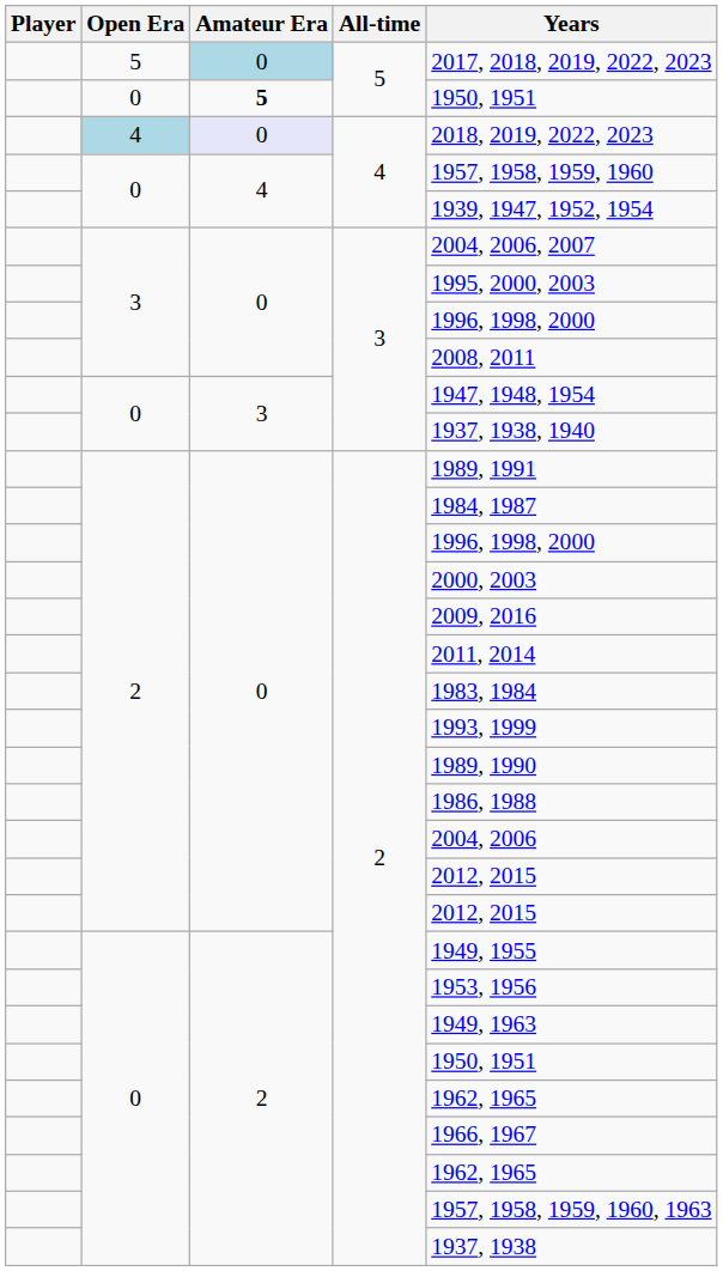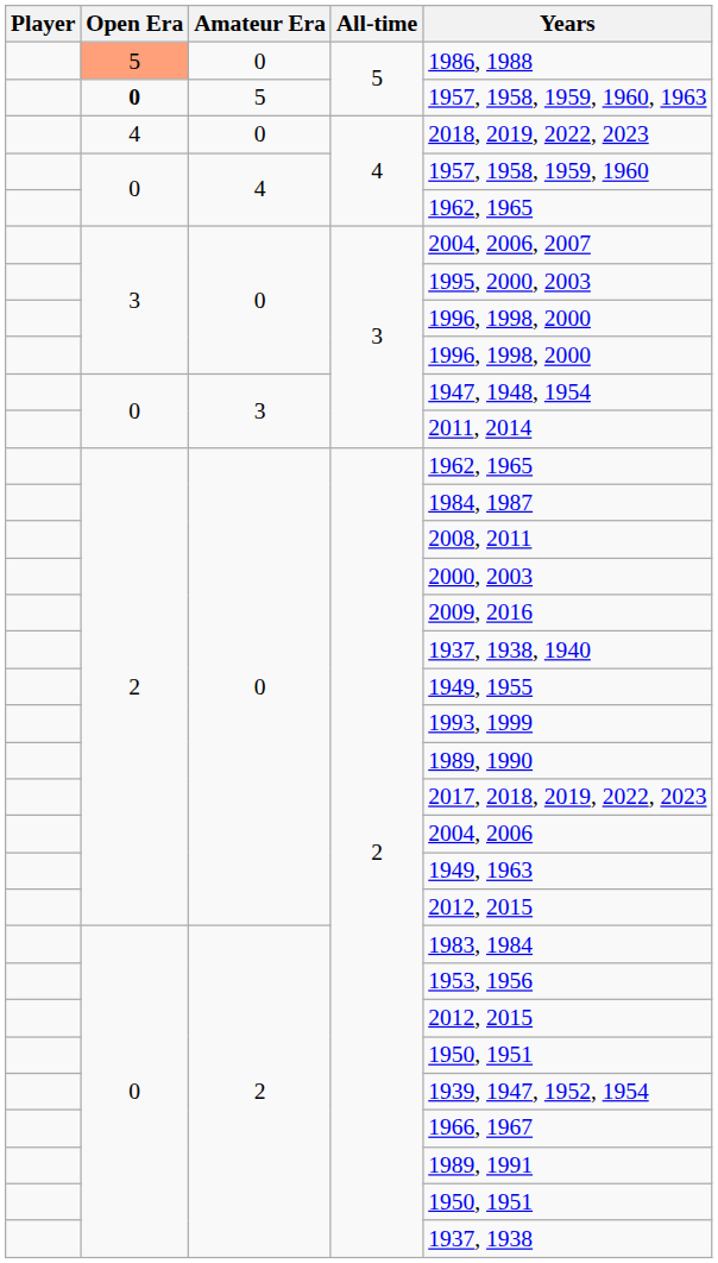 <table class="wikitable sortable">
 <tr>
 <th>Player</th>
 <th>Open Era</th>
 <th>Amateur Era</th>
 <th>All-time</th>
 <th class="unsortable">Years</th>
 </tr>
 <tr>
 <td></td>
-<td align="center">5</td>
-<td align="center" style="background: lightblue;">0</td>
+<td align="center" style="background: lightsalmon;">5</td>
+<td align="center">0</td>
 <td rowspan="2" align="center">5</td>
-<td><a href='#'>2017</a>, <a href='#'>2018</a>, <a href='#'>2019</a>, <a href='#'>2022</a>, <a href='#'>2023</a></td>
+<td><a href='#'>1986</a>, <a href='#'>1988</a></td>
 </tr>
 <tr>
 <td></td>
-<td align="center">0</td>
-<td align="center"><strong>5</strong></td>
-<td><a href='#'>1950</a>, <a href='#'>1951</a></td>
+<td align="center"><strong>0</strong></td>
+<td align="center">5</td>
+<td><a href='#'>1957</a>, <a href='#'>1958</a>, <a href='#'>1959</a>, <a href='#'>1960</a>, <a href='#'>1963</a></td>
 </tr>
 <tr>
 <td></td>
-<td align="center" style="background: lightblue;">4</td>
-<td align="center" style="background: lavender;">0</td>
+<td align="center">4</td>
+<td align="center">0</td>
 <td rowspan="3" align="center">4</td>
 <td><a href='#'>2018</a>, <a href='#'>2019</a>, <a href='#'>2022</a>, <a href='#'>2023</a></td>
 </tr>
 <tr>
 <td></td>
 <td rowspan="2" align="center">0</td>
 <td rowspan="2" align="center">4</td>
 <td><a href='#'>1957</a>, <a href='#'>1958</a>, <a href='#'>1959</a>, <a href='#'>1960</a></td>
 </tr>
 <tr>
 <td></td>
-<td><a href='#'>1939</a>, <a href='#'>1947</a>, <a href='#'>1952</a>, <a href='#'>1954</a></td>
+<td><a href='#'>1962</a>, <a href='#'>1965</a></td>
 </tr>
 <tr>
 <td></td>
 <td rowspan="4" align="center">3</td>
 <td rowspan="4" align="center">0</td>
 <td rowspan="6" align="center">3</td>
 <td><a href='#'>2004</a>, <a href='#'>2006</a>, <a href='#'>2007</a></td>
 </tr>
 <tr>
 <td></td>
 <td><a href='#'>1995</a>, <a href='#'>2000</a>, <a href='#'>2003</a></td>
 </tr>
 <tr>
 <td></td>
 <td><a href='#'>1996</a>, <a href='#'>1998</a>, <a href='#'>2000</a></td>
 </tr>
 <tr>
 <td></td>
-<td><a href='#'>2008</a>, <a href='#'>2011</a></td>
+<td><a href='#'>1996</a>, <a href='#'>1998</a>, <a href='#'>2000</a></td>
 </tr>
 <tr>
 <td></td>
 <td rowspan="2" align="center">0</td>
 <td rowspan="2" align="center">3</td>
 <td><a href='#'>1947</a>, <a href='#'>1948</a>, <a href='#'>1954</a></td>
 </tr>
 <tr>
 <td></td>
-<td><a href='#'>1937</a>, <a href='#'>1938</a>, <a href='#'>1940</a></td>
+<td><a href='#'>2011</a>, <a href='#'>2014</a></td>
 </tr>
 <tr>
 <td></td>
 <td rowspan="13" align="center">2</td>
 <td rowspan="13" align="center">0</td>
 <td rowspan="22" align="center">2</td>
-<td><a href='#'>1989</a>, <a href='#'>1991</a></td>
+<td><a href='#'>1962</a>, <a href='#'>1965</a></td>
 </tr>
 <tr>
 <td></td>
 <td><a href='#'>1984</a>, <a href='#'>1987</a></td>
 </tr>
 <tr>
 <td></td>
-<td><a href='#'>1996</a>, <a href='#'>1998</a>, <a href='#'>2000</a></td>
+<td><a href='#'>2008</a>, <a href='#'>2011</a></td>
 </tr>
 <tr>
 <td></td>
 <td><a href='#'>2000</a>, <a href='#'>2003</a></td>
 </tr>
 <tr>
 <td></td>
 <td><a href='#'>2009</a>, <a href='#'>2016</a></td>
 </tr>
 <tr>
 <td></td>
-<td><a href='#'>2011</a>, <a href='#'>2014</a></td>
+<td><a href='#'>1937</a>, <a href='#'>1938</a>, <a href='#'>1940</a></td>
 </tr>
 <tr>
 <td></td>
-<td><a href='#'>1983</a>, <a href='#'>1984</a></td>
+<td><a href='#'>1949</a>, <a href='#'>1955</a></td>
 </tr>
 <tr>
 <td></td>
 <td><a href='#'>1993</a>, <a href='#'>1999</a></td>
 </tr>
 <tr>
 <td></td>
 <td><a href='#'>1989</a>, <a href='#'>1990</a></td>
 </tr>
 <tr>
 <td></td>
-<td><a href='#'>1986</a>, <a href='#'>1988</a></td>
+<td><a href='#'>2017</a>, <a href='#'>2018</a>, <a href='#'>2019</a>, <a href='#'>2022</a>, <a href='#'>2023</a></td>
 </tr>
 <tr>
 <td></td>
 <td><a href='#'>2004</a>, <a href='#'>2006</a></td>
 </tr>
 <tr>
 <td></td>
-<td><a href='#'>2012</a>, <a href='#'>2015</a></td>
+<td><a href='#'>1949</a>, <a href='#'>1963</a></td>
 </tr>
 <tr>
 <td></td>
 <td><a href='#'>2012</a>, <a href='#'>2015</a></td>
 </tr>
 <tr>
 <td></td>
 <td rowspan="9" align="center">0</td>
 <td rowspan="9" align="center">2</td>
-<td><a href='#'>1949</a>, <a href='#'>1955</a></td>
+<td><a href='#'>1983</a>, <a href='#'>1984</a></td>
 </tr>
 <tr>
 <td></td>
 <td><a href='#'>1953</a>, <a href='#'>1956</a></td>
 </tr>
 <tr>
 <td></td>
-<td><a href='#'>1949</a>, <a href='#'>1963</a></td>
+<td><a href='#'>2012</a>, <a href='#'>2015</a></td>
 </tr>
 <tr>
 <td></td>
 <td><a href='#'>1950</a>, <a href='#'>1951</a></td>
 </tr>
 <tr>
 <td></td>
-<td><a href='#'>1962</a>, <a href='#'>1965</a></td>
+<td><a href='#'>1939</a>, <a href='#'>1947</a>, <a href='#'>1952</a>, <a href='#'>1954</a></td>
 </tr>
 <tr>
 <td></td>
 <td><a href='#'>1966</a>, <a href='#'>1967</a></td>
 </tr>
 <tr>
 <td></td>
-<td><a href='#'>1962</a>, <a href='#'>1965</a></td>
+<td><a href='#'>1989</a>, <a href='#'>1991</a></td>
 </tr>
 <tr>
 <td></td>
-<td><a href='#'>1957</a>, <a href='#'>1958</a>, <a href='#'>1959</a>, <a href='#'>1960</a>, <a href='#'>1963</a></td>
+<td><a href='#'>1950</a>, <a href='#'>1951</a></td>
 </tr>
 <tr>
 <td></td>
 <td><a href='#'>1937</a>, <a href='#'>1938</a></td>
 </tr>
 </table>
